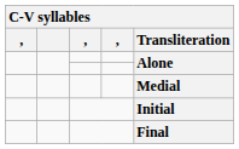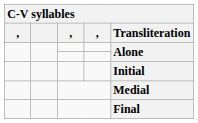 <table class="wikitable" style="text-align: center; display: inline-table;">
 <tr>
 <th colspan="5" style="text-align: left">C-V syllables</th>
 </tr>
 <tr>
 <th style="min-width: 1.75em">, </th>
 <th style="min-width: 1.75em"></th>
 <th style="min-width: 1.75em">, </th>
 <th style="min-width: 1.75em">, </th>
 <th style="text-align: left">Transliteration</th>
 </tr>
 <tr>
 <td rowspan="2"></td>
 <td rowspan="2"></td>
 <td></td>
 <td></td>
 <th rowspan="2" style="text-align: left">Alone</th>
 </tr>
 <tr>
 <td></td>
 <td></td>
 </tr>
 <tr>
 <td></td>
 <td></td>
 <td></td>
 <td></td>
-<th style="text-align: left">Medial</th>
+<th style="text-align: left">Initial</th>
 </tr>
 <tr>
 <td></td>
 <td></td>
 <td colspan="2"></td>
-<th style="text-align: left">Initial</th>
+<th style="text-align: left">Medial</th>
 </tr>
 <tr>
 <td></td>
 <td></td>
 <td colspan="2"></td>
 <th style="text-align: left">Final</th>
 </tr>
 </table>
